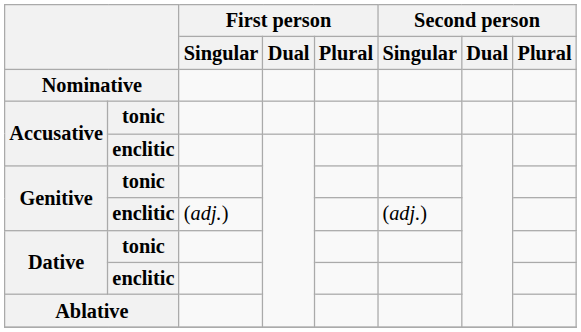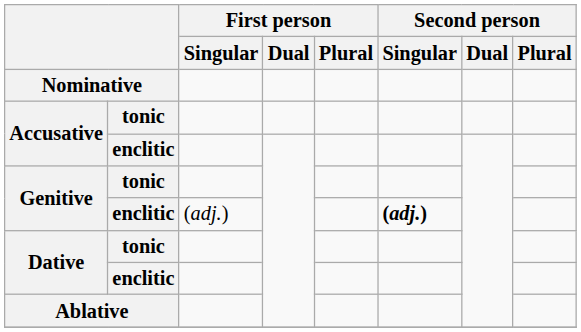 <table class="wikitable">
 <tr>
 <th rowspan="2" colspan="2"></th>
 <th colspan="3">First person</th>
 <th colspan="3">Second person</th>
 </tr>
 <tr>
 <th>Singular</th>
 <th>Dual</th>
 <th>Plural</th>
 <th>Singular</th>
 <th>Dual</th>
 <th>Plural</th>
 </tr>
 <tr>
 <th colspan="2">Nominative</th>
 <td></td>
 <td></td>
 <td></td>
 <td></td>
 <td></td>
 <td></td>
 </tr>
 <tr>
 <th rowspan="2">Accusative</th>
 <th>tonic</th>
 <td></td>
 <td></td>
 <td></td>
 <td></td>
 <td></td>
 <td></td>
 </tr>
 <tr>
 <th>enclitic</th>
 <td></td>
 <td rowspan=6></td>
 <td></td>
 <td></td>
 <td rowspan=6></td>
 <td></td>
 </tr>
 <tr>
 <th rowspan="2">Genitive</th>
 <th>tonic</th>
 <td></td>
 <td></td>
 <td></td>
 <td></td>
 </tr>
 <tr>
 <th>enclitic</th>
 <td> (<em>adj.</em>)</td>
 <td></td>
-<td> (<em>adj.</em>)</td>
+<td><strong> (<em>adj.</em>)</strong></td>
 <td></td>
 </tr>
 <tr>
 <th rowspan="2">Dative</th>
 <th>tonic</th>
 <td></td>
 <td></td>
 <td></td>
 <td></td>
 </tr>
 <tr>
 <th>enclitic</th>
 <td></td>
 <td></td>
 <td></td>
 <td></td>
 </tr>
 <tr>
 <th colspan="2">Ablative</th>
 <td></td>
 <td></td>
 <td></td>
 <td></td>
 </tr>
 <tr>
 </tr>
 </table>
